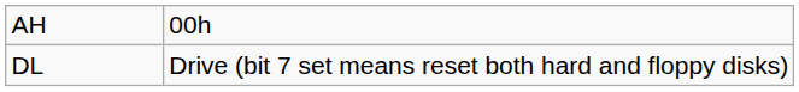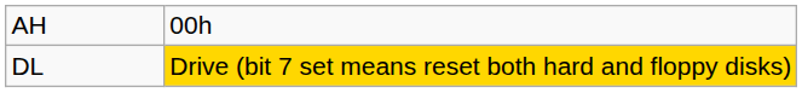 <table class="wikitable">
 <tr>
 <td width="20%">AH</td>
 <td width="80%">00h</td>
 </tr>
 <tr>
 <td width="20%">DL</td>
-<td width="80%">Drive (bit 7 set means reset both hard and floppy disks)</td>
+<td width="80%" style="background: gold;">Drive (bit 7 set means reset both hard and floppy disks)</td>
 </tr>
 </table>
